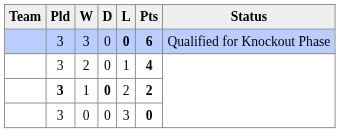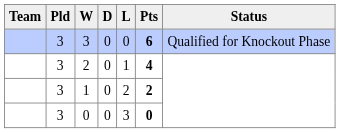 <table style=border-collapse:collapse border=1 cellspacing=0 cellpadding=5>
 <tr align=center bgcolor=#efefef>
 <th>Team</th>
 <th>Pld</th>
 <th>W</th>
 <th>D</th>
 <th>L</th>
 <th>Pts</th>
 <th>Status</th>
 </tr>
 <tr align=center style="background:#bbccff;">
 <td style="text-align:left;"> </td>
 <td>3</td>
 <td>3</td>
 <td>0</td>
-<td><strong>0</strong></td>
+<td>0</td>
 <td><strong>6</strong></td>
 <td rowspan=1>Qualified for Knockout Phase</td>
 </tr>
 <tr align=center style="background:#FFFFFF;">
 <td style="text-align:left;"> </td>
 <td>3</td>
 <td>2</td>
 <td>0</td>
 <td>1</td>
 <td><strong>4</strong></td>
 <td rowspan=3></td>
 </tr>
 <tr align=center style="background:#FFFFFF;">
 <td style="text-align:left;"> </td>
-<td><strong>3</strong></td>
+<td>3</td>
 <td>1</td>
-<td><strong>0</strong></td>
+<td>0</td>
 <td>2</td>
 <td><strong>2</strong></td>
 </tr>
 <tr align=center style="background:#FFFFFF;">
 <td style="text-align:left;"> </td>
 <td>3</td>
 <td>0</td>
 <td>0</td>
 <td>3</td>
 <td><strong>0</strong></td>
 </tr>
 </table>
